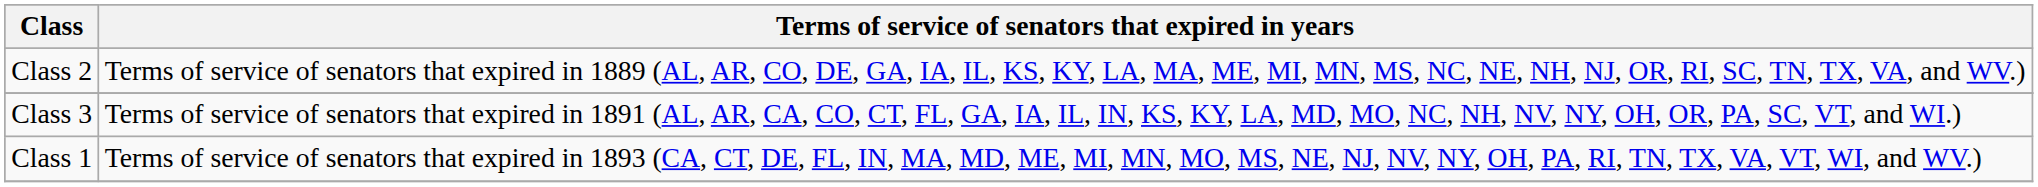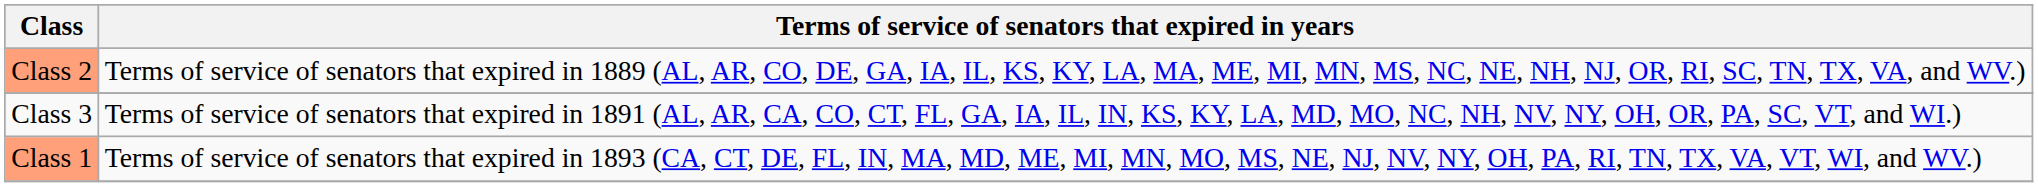 <table class="wikitable sortable">
 <tr valign=bottom>
 <th>Class</th>
 <th>Terms of service of senators that expired in years</th>
 </tr>
 <tr>
-<td>Class 2</td>
+<td style="background: lightsalmon;">Class 2</td>
 <td>Terms of service of senators that expired in 1889 (<a href='#'>AL</a>, <a href='#'>AR</a>, <a href='#'>CO</a>, <a href='#'>DE</a>, <a href='#'>GA</a>, <a href='#'>IA</a>, <a href='#'>IL</a>, <a href='#'>KS</a>, <a href='#'>KY</a>, <a href='#'>LA</a>, <a href='#'>MA</a>, <a href='#'>ME</a>, <a href='#'>MI</a>, <a href='#'>MN</a>, <a href='#'>MS</a>, <a href='#'>NC</a>, <a href='#'>NE</a>, <a href='#'>NH</a>, <a href='#'>NJ</a>, <a href='#'>OR</a>, <a href='#'>RI</a>, <a href='#'>SC</a>, <a href='#'>TN</a>, <a href='#'>TX</a>, <a href='#'>VA</a>, and <a href='#'>WV</a>.)</td>
 </tr>
 <tr>
 </tr>
 <tr>
 <td>Class 3</td>
 <td>Terms of service of senators that expired in 1891 (<a href='#'>AL</a>, <a href='#'>AR</a>, <a href='#'>CA</a>, <a href='#'>CO</a>, <a href='#'>CT</a>, <a href='#'>FL</a>, <a href='#'>GA</a>, <a href='#'>IA</a>, <a href='#'>IL</a>, <a href='#'>IN</a>, <a href='#'>KS</a>, <a href='#'>KY</a>, <a href='#'>LA</a>, <a href='#'>MD</a>, <a href='#'>MO</a>, <a href='#'>NC</a>, <a href='#'>NH</a>, <a href='#'>NV</a>, <a href='#'>NY</a>, <a href='#'>OH</a>, <a href='#'>OR</a>, <a href='#'>PA</a>, <a href='#'>SC</a>, <a href='#'>VT</a>, and <a href='#'>WI</a>.)</td>
 </tr>
 <tr>
-<td>Class 1</td>
+<td style="background: lightsalmon;">Class 1</td>
 <td>Terms of service of senators that expired in 1893 (<a href='#'>CA</a>, <a href='#'>CT</a>, <a href='#'>DE</a>, <a href='#'>FL</a>, <a href='#'>IN</a>, <a href='#'>MA</a>, <a href='#'>MD</a>, <a href='#'>ME</a>, <a href='#'>MI</a>, <a href='#'>MN</a>, <a href='#'>MO</a>, <a href='#'>MS</a>, <a href='#'>NE</a>, <a href='#'>NJ</a>, <a href='#'>NV</a>, <a href='#'>NY</a>, <a href='#'>OH</a>, <a href='#'>PA</a>, <a href='#'>RI</a>, <a href='#'>TN</a>, <a href='#'>TX</a>, <a href='#'>VA</a>, <a href='#'>VT</a>, <a href='#'>WI</a>, and <a href='#'>WV</a>.)</td>
 </tr>
 <tr>
 </tr>
 </table>
